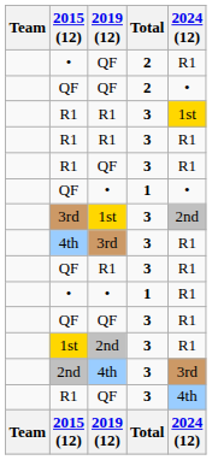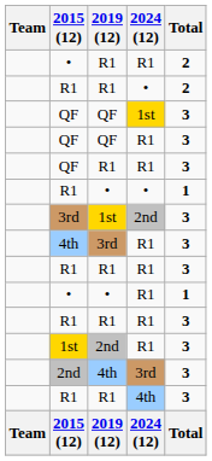 <table class="wikitable" style="text-align:center; font-size:90%;">
 <tr>
 <th scope="col">Team</th>
 <th scope="col"><a href='#'>2015</a><br>(12)</th>
 <th scope="col"><a href='#'>2019</a><br>(12)</th>
+<th scope="col"><a href='#'>2024</a><br>(12)</th>
 <th scope="col">Total</th>
-<th scope="col"><a href='#'>2024</a><br>(12)</th>
 </tr>
 <tr align=center>
 <td align=left></td>
 <td>•</td>
-<td>QF<br></td>
+<td>R1<br></td>
+<td>R1<br></td>
 <td><strong>2</strong></td>
+</tr>
+<tr align="center">
+<td align="left"></td>
 <td>R1<br></td>
+<td>R1<br></td>
+<td>•</td>
+<td><strong>2</strong></td>
 </tr>
 <tr align="center">
 <td align="left"></td>
 <td>QF<br></td>
 <td>QF<br></td>
-<td><strong>2</strong></td>
+<td bgcolor="gold">1st</td>
+<td><strong>3</strong></td>
+</tr>
+<tr align="center">
+<td align="left"></td>
+<td>QF<br></td>
+<td>QF<br></td>
+<td>R1<br></td>
+<td><strong>3</strong></td>
+</tr>
+<tr align="center">
+<td align="left"></td>
+<td>QF<br></td>
+<td>R1<br></td>
+<td>R1<br></td>
+<td><strong>3</strong></td>
+</tr>
+<tr align="center">
+<td align="left"></td>
+<td>R1<br></td>
 <td>•</td>
+<td>•</td>
+<td><strong>1</strong></td>
+</tr>
+<tr align="center">
+<td align="left"></td>
+<td bgcolor="#cc9966">3rd</td>
+<td bgcolor="gold">1st</td>
+<td bgcolor="silver">2nd</td>
+<td><strong>3</strong></td>
+</tr>
+<tr align="center">
+<td align="left"></td>
+<td bgcolor="#9acdff">4th</td>
+<td bgcolor="#cc9966">3rd</td>
+<td>R1<br></td>
+<td><strong>3</strong></td>
 </tr>
 <tr align="center">
 <td align="left"></td>
 <td>R1<br></td>
 <td>R1<br></td>
+<td>R1<br></td>
 <td><strong>3</strong></td>
-<td bgcolor="gold">1st</td>
+</tr>
+<tr align="center">
+<td align="left"></td>
+<td>•</td>
+<td>•</td>
+<td>R1<br></td>
+<td><strong>1</strong></td>
 </tr>
 <tr align="center">
 <td align="left"></td>
 <td>R1<br></td>
 <td>R1<br></td>
-<td><strong>3</strong></td>
-<td>R1<br></td>
-</tr>
-<tr align="center">
-<td align="left"></td>
-<td>R1<br></td>
-<td>QF<br></td>
-<td><strong>3</strong></td>
-<td>R1<br></td>
-</tr>
-<tr align="center">
-<td align="left"></td>
-<td>QF<br></td>
-<td>•</td>
-<td><strong>1</strong></td>
-<td>•</td>
-</tr>
-<tr align="center">
-<td align="left"></td>
-<td bgcolor="#cc9966">3rd</td>
-<td bgcolor="gold">1st</td>
-<td><strong>3</strong></td>
-<td bgcolor="silver">2nd</td>
-</tr>
-<tr align="center">
-<td align="left"></td>
-<td bgcolor="#9acdff">4th</td>
-<td bgcolor="#cc9966">3rd</td>
-<td><strong>3</strong></td>
-<td>R1<br></td>
-</tr>
-<tr align="center">
-<td align="left"></td>
-<td>QF<br></td>
 <td>R1<br></td>
 <td><strong>3</strong></td>
-<td>R1<br></td>
-</tr>
-<tr align="center">
-<td align="left"></td>
-<td>•</td>
-<td>•</td>
-<td><strong>1</strong></td>
-<td>R1<br></td>
-</tr>
-<tr align="center">
-<td align="left"></td>
-<td>QF<br></td>
-<td>QF<br></td>
-<td><strong>3</strong></td>
-<td>R1<br></td>
 </tr>
 <tr align="center">
 <td align="left"></td>
 <td bgcolor=gold>1st</td>
 <td bgcolor="silver">2nd</td>
+<td>R1<br></td>
 <td><strong>3</strong></td>
-<td>R1<br></td>
 </tr>
 <tr align="center">
 <td align="left"></td>
 <td bgcolor="silver">2nd</td>
 <td bgcolor="#9acdff">4th</td>
+<td bgcolor="#cc9966">3rd</td>
 <td><strong>3</strong></td>
-<td bgcolor="#cc9966">3rd</td>
 </tr>
 <tr align="center">
 <td align="left"></td>
 <td>R1<br></td>
-<td>QF<br></td>
+<td>R1<br></td>
+<td bgcolor="#9acdff">4th</td>
 <td><strong>3</strong></td>
-<td bgcolor="#9acdff">4th</td>
 </tr>
 <tr style="background:#cccccc;" align=center>
 <th scope="col">Team</th>
 <th scope="col"><a href='#'>2015</a><br>(12)</th>
 <th scope="col"><a href='#'>2019</a><br>(12)</th>
+<th scope="col"><a href='#'>2024</a><br>(12)</th>
 <th scope="col">Total</th>
-<th scope="col"><a href='#'>2024</a><br>(12)</th>
 </tr>
 </table>
